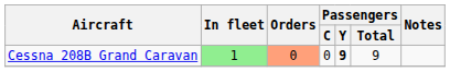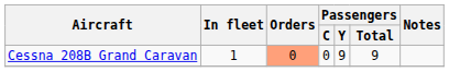 <table class="wikitable" style="margin:1em auto; border-collapse:collapse; text-align: center">
 <tr>
 <th rowspan=2>Aircraft</th>
 <th rowspan=2>In fleet</th>
 <th rowspan=2>Orders</th>
 <th colspan=3>Passengers</th>
 <th rowspan=2>Notes</th>
 </tr>
 <tr>
 <th><abbr>C</abbr></th>
 <th><abbr>Y</abbr></th>
 <th>Total</th>
 </tr>
 <tr>
 <td align=left><a href='#'>Cessna 208B Grand Caravan</a></td>
-<td style="background: lightgreen;">1</td>
+<td>1</td>
 <td style="background: lightsalmon;">0</td>
 <td>0</td>
-<td><strong>9</strong></td>
+<td>9</td>
 <td>9</td>
 <td></td>
 </tr>
 <tr>
 </tr>
 </table>
